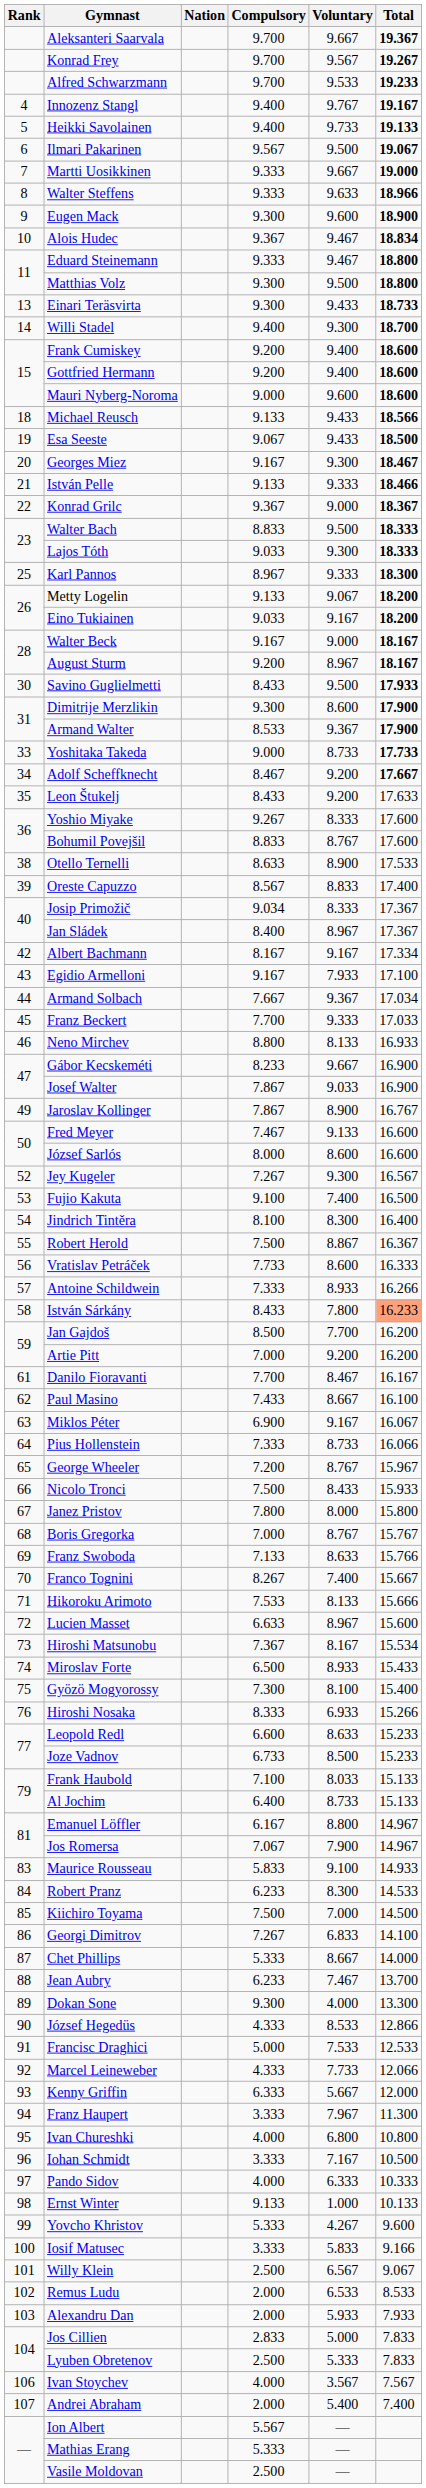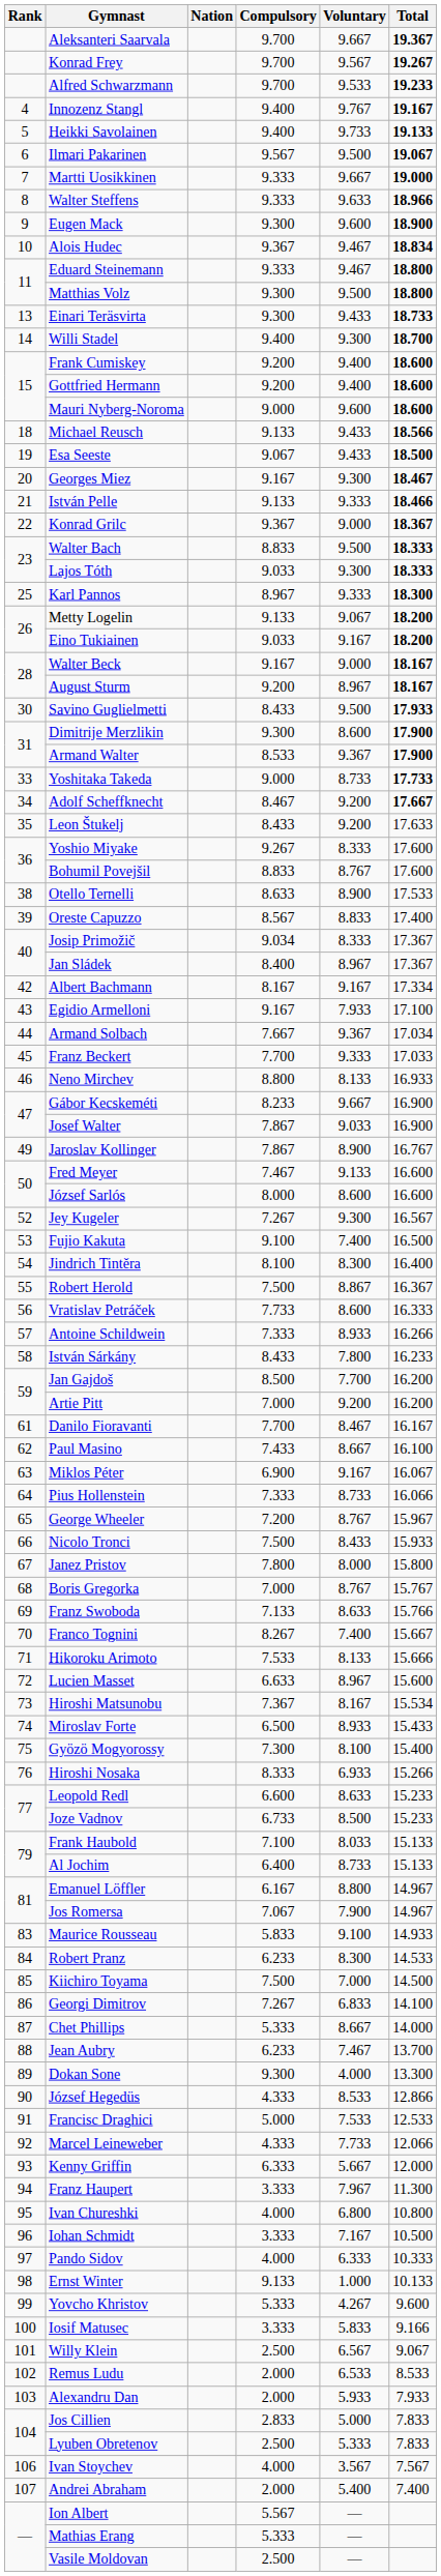 <table class="wikitable sortable" style="text-align:center">
 <tr>
 <th>Rank</th>
 <th>Gymnast</th>
 <th>Nation</th>
 <th>Compulsory</th>
 <th>Voluntary</th>
 <th>Total</th>
 </tr>
 <tr>
 <td></td>
 <td align=left><a href='#'>Aleksanteri Saarvala</a></td>
 <td align=left></td>
 <td>9.700</td>
 <td>9.667</td>
 <td><strong>19.367</strong></td>
 </tr>
 <tr>
 <td></td>
 <td align=left><a href='#'>Konrad Frey</a></td>
 <td align=left></td>
 <td>9.700</td>
 <td>9.567</td>
 <td><strong>19.267</strong></td>
 </tr>
 <tr>
 <td></td>
 <td align=left><a href='#'>Alfred Schwarzmann</a></td>
 <td align=left></td>
 <td>9.700</td>
 <td>9.533</td>
 <td><strong>19.233</strong></td>
 </tr>
 <tr>
 <td>4</td>
 <td align=left><a href='#'>Innozenz Stangl</a></td>
 <td align=left></td>
 <td>9.400</td>
 <td>9.767</td>
 <td><strong>19.167</strong></td>
 </tr>
 <tr>
 <td>5</td>
 <td align=left><a href='#'>Heikki Savolainen</a></td>
 <td align=left></td>
 <td>9.400</td>
 <td>9.733</td>
 <td><strong>19.133</strong></td>
 </tr>
 <tr>
 <td>6</td>
 <td align=left><a href='#'>Ilmari Pakarinen</a></td>
 <td align=left></td>
 <td>9.567</td>
 <td>9.500</td>
 <td><strong>19.067</strong></td>
 </tr>
 <tr>
 <td>7</td>
 <td align=left><a href='#'>Martti Uosikkinen</a></td>
 <td align=left></td>
 <td>9.333</td>
 <td>9.667</td>
 <td><strong>19.000</strong></td>
 </tr>
 <tr>
 <td>8</td>
 <td align=left><a href='#'>Walter Steffens</a></td>
 <td align=left></td>
 <td>9.333</td>
 <td>9.633</td>
 <td><strong>18.966</strong></td>
 </tr>
 <tr>
 <td>9</td>
 <td align=left><a href='#'>Eugen Mack</a></td>
 <td align=left></td>
 <td>9.300</td>
 <td>9.600</td>
 <td><strong>18.900</strong></td>
 </tr>
 <tr>
 <td>10</td>
 <td align=left><a href='#'>Alois Hudec</a></td>
 <td align=left></td>
 <td>9.367</td>
 <td>9.467</td>
 <td><strong>18.834</strong></td>
 </tr>
 <tr>
 <td rowspan=2>11</td>
 <td align=left><a href='#'>Eduard Steinemann</a></td>
 <td align=left></td>
 <td>9.333</td>
 <td>9.467</td>
 <td><strong>18.800</strong></td>
 </tr>
 <tr>
 <td align=left><a href='#'>Matthias Volz</a></td>
 <td align=left></td>
 <td>9.300</td>
 <td>9.500</td>
 <td><strong>18.800</strong></td>
 </tr>
 <tr>
 <td>13</td>
 <td align=left><a href='#'>Einari Teräsvirta</a></td>
 <td align=left></td>
 <td>9.300</td>
 <td>9.433</td>
 <td><strong>18.733</strong></td>
 </tr>
 <tr>
 <td>14</td>
 <td align=left><a href='#'>Willi Stadel</a></td>
 <td align=left></td>
 <td>9.400</td>
 <td>9.300</td>
 <td><strong>18.700</strong></td>
 </tr>
 <tr>
 <td rowspan=3>15</td>
 <td align=left><a href='#'>Frank Cumiskey</a></td>
 <td align=left></td>
 <td>9.200</td>
 <td>9.400</td>
 <td><strong>18.600</strong></td>
 </tr>
 <tr>
 <td align=left><a href='#'>Gottfried Hermann</a></td>
 <td align=left></td>
 <td>9.200</td>
 <td>9.400</td>
 <td><strong>18.600</strong></td>
 </tr>
 <tr>
 <td align=left><a href='#'>Mauri Nyberg-Noroma</a></td>
 <td align=left></td>
 <td>9.000</td>
 <td>9.600</td>
 <td><strong>18.600</strong></td>
 </tr>
 <tr>
 <td>18</td>
 <td align=left><a href='#'>Michael Reusch</a></td>
 <td align=left></td>
 <td>9.133</td>
 <td>9.433</td>
 <td><strong>18.566</strong></td>
 </tr>
 <tr>
 <td>19</td>
 <td align=left><a href='#'>Esa Seeste</a></td>
 <td align=left></td>
 <td>9.067</td>
 <td>9.433</td>
 <td><strong>18.500</strong></td>
 </tr>
 <tr>
 <td>20</td>
 <td align=left><a href='#'>Georges Miez</a></td>
 <td align=left></td>
 <td>9.167</td>
 <td>9.300</td>
 <td><strong>18.467</strong></td>
 </tr>
 <tr>
 <td>21</td>
 <td align=left><a href='#'>István Pelle</a></td>
 <td align=left></td>
 <td>9.133</td>
 <td>9.333</td>
 <td><strong>18.466</strong></td>
 </tr>
 <tr>
 <td>22</td>
 <td align=left><a href='#'>Konrad Grilc</a></td>
 <td align=left></td>
 <td>9.367</td>
 <td>9.000</td>
 <td><strong>18.367</strong></td>
 </tr>
 <tr>
 <td rowspan=2>23</td>
 <td align=left><a href='#'>Walter Bach</a></td>
 <td align=left></td>
 <td>8.833</td>
 <td>9.500</td>
 <td><strong>18.333</strong></td>
 </tr>
 <tr>
 <td align=left><a href='#'>Lajos Tóth</a></td>
 <td align=left></td>
 <td>9.033</td>
 <td>9.300</td>
 <td><strong>18.333</strong></td>
 </tr>
 <tr>
 <td>25</td>
 <td align=left><a href='#'>Karl Pannos</a></td>
 <td align=left></td>
 <td>8.967</td>
 <td>9.333</td>
 <td><strong>18.300</strong></td>
 </tr>
 <tr>
 <td rowspan=2>26</td>
 <td align=left>Metty Logelin</td>
 <td align=left></td>
 <td>9.133</td>
 <td>9.067</td>
 <td><strong>18.200</strong></td>
 </tr>
 <tr>
 <td align=left><a href='#'>Eino Tukiainen</a></td>
 <td align=left></td>
 <td>9.033</td>
 <td>9.167</td>
 <td><strong>18.200</strong></td>
 </tr>
 <tr>
 <td rowspan=2>28</td>
 <td align=left><a href='#'>Walter Beck</a></td>
 <td align=left></td>
 <td>9.167</td>
 <td>9.000</td>
 <td><strong>18.167</strong></td>
 </tr>
 <tr>
 <td align=left><a href='#'>August Sturm</a></td>
 <td align=left></td>
 <td>9.200</td>
 <td>8.967</td>
 <td><strong>18.167</strong></td>
 </tr>
 <tr>
 <td>30</td>
 <td align=left><a href='#'>Savino Guglielmetti</a></td>
 <td align=left></td>
 <td>8.433</td>
 <td>9.500</td>
 <td><strong>17.933</strong></td>
 </tr>
 <tr>
 <td rowspan=2>31</td>
 <td align=left><a href='#'>Dimitrije Merzlikin</a></td>
 <td align=left></td>
 <td>9.300</td>
 <td>8.600</td>
 <td><strong>17.900</strong></td>
 </tr>
 <tr>
 <td align=left><a href='#'>Armand Walter</a></td>
 <td align=left></td>
 <td>8.533</td>
 <td>9.367</td>
 <td><strong>17.900</strong></td>
 </tr>
 <tr>
 <td>33</td>
 <td align=left><a href='#'>Yoshitaka Takeda</a></td>
 <td align=left></td>
 <td>9.000</td>
 <td>8.733</td>
 <td><strong>17.733</strong></td>
 </tr>
 <tr>
 <td>34</td>
 <td align=left><a href='#'>Adolf Scheffknecht</a></td>
 <td align=left></td>
 <td>8.467</td>
 <td>9.200</td>
 <td><strong>17.667<em></td>
 </tr>
 <tr>
 <td>35</td>
 <td align=left><a href='#'>Leon Štukelj</a></td>
 <td align=left></td>
 <td>8.433</td>
 <td>9.200</td>
 <td></strong>17.633<strong></td>
 </tr>
 <tr>
 <td rowspan=2>36</td>
 <td align=left><a href='#'>Yoshio Miyake</a></td>
 <td align=left></td>
 <td>9.267</td>
 <td>8.333</td>
 <td></strong>17.600<strong></td>
 </tr>
 <tr>
 <td align=left><a href='#'>Bohumil Povejšil</a></td>
 <td align=left></td>
 <td>8.833</td>
 <td>8.767</td>
 <td></strong>17.600<strong></td>
 </tr>
 <tr>
 <td>38</td>
 <td align=left><a href='#'>Otello Ternelli</a></td>
 <td align=left></td>
 <td>8.633</td>
 <td>8.900</td>
 <td></strong>17.533<strong></td>
 </tr>
 <tr>
 <td>39</td>
 <td align=left><a href='#'>Oreste Capuzzo</a></td>
 <td align=left></td>
 <td>8.567</td>
 <td>8.833</td>
 <td></strong>17.400<strong></td>
 </tr>
 <tr>
 <td rowspan=2>40</td>
 <td align=left><a href='#'>Josip Primožič</a></td>
 <td align=left></td>
 <td>9.034</td>
 <td>8.333</td>
 <td></strong>17.367<strong></td>
 </tr>
 <tr>
 <td align=left><a href='#'>Jan Sládek</a></td>
 <td align=left></td>
 <td>8.400</td>
 <td>8.967</td>
 <td></strong>17.367<strong></td>
 </tr>
 <tr>
 <td>42</td>
 <td align=left><a href='#'>Albert Bachmann</a></td>
 <td align=left></td>
 <td>8.167</td>
 <td>9.167</td>
 <td></strong>17.334<strong></td>
 </tr>
 <tr>
 <td>43</td>
 <td align=left><a href='#'>Egidio Armelloni</a></td>
 <td align=left></td>
 <td>9.167</td>
 <td>7.933</td>
 <td></strong>17.100<strong></td>
 </tr>
 <tr>
 <td>44</td>
 <td align=left><a href='#'>Armand Solbach</a></td>
 <td align=left></td>
 <td>7.667</td>
 <td>9.367</td>
 <td></strong>17.034<strong></td>
 </tr>
 <tr>
 <td>45</td>
 <td align=left><a href='#'>Franz Beckert</a></td>
 <td align=left></td>
 <td>7.700</td>
 <td>9.333</td>
 <td></strong>17.033<strong></td>
 </tr>
 <tr>
 <td>46</td>
 <td align=left><a href='#'>Neno Mirchev</a></td>
 <td align=left></td>
 <td>8.800</td>
 <td>8.133</td>
 <td></strong>16.933<strong></td>
 </tr>
 <tr>
 <td rowspan=2>47</td>
 <td align=left><a href='#'>Gábor Kecskeméti</a></td>
 <td align=left></td>
 <td>8.233</td>
 <td>9.667</td>
 <td></strong>16.900<strong></td>
 </tr>
 <tr>
 <td align=left><a href='#'>Josef Walter</a></td>
 <td align=left></td>
 <td>7.867</td>
 <td>9.033</td>
 <td></strong>16.900<strong></td>
 </tr>
 <tr>
 <td>49</td>
 <td align=left><a href='#'>Jaroslav Kollinger</a></td>
 <td align=left></td>
 <td>7.867</td>
 <td>8.900</td>
 <td></strong>16.767<strong></td>
 </tr>
 <tr>
 <td rowspan=2>50</td>
 <td align=left><a href='#'>Fred Meyer</a></td>
 <td align=left></td>
 <td>7.467</td>
 <td>9.133</td>
 <td></strong>16.600<strong></td>
 </tr>
 <tr>
 <td align=left><a href='#'>József Sarlós</a></td>
 <td align=left></td>
 <td>8.000</td>
 <td>8.600</td>
 <td></strong>16.600<strong></td>
 </tr>
 <tr>
 <td>52</td>
 <td align=left><a href='#'>Jey Kugeler</a></td>
 <td align=left></td>
 <td>7.267</td>
 <td>9.300</td>
 <td></strong>16.567<strong></td>
 </tr>
 <tr>
 <td>53</td>
 <td align=left><a href='#'>Fujio Kakuta</a></td>
 <td align=left></td>
 <td>9.100</td>
 <td>7.400</td>
 <td></strong>16.500<strong></td>
 </tr>
 <tr>
 <td>54</td>
 <td align=left><a href='#'>Jindrich Tintěra</a></td>
 <td align=left></td>
 <td>8.100</td>
 <td>8.300</td>
 <td></strong>16.400<strong></td>
 </tr>
 <tr>
 <td>55</td>
 <td align=left><a href='#'>Robert Herold</a></td>
 <td align=left></td>
 <td>7.500</td>
 <td>8.867</td>
 <td></strong>16.367<strong></td>
 </tr>
 <tr>
 <td>56</td>
 <td align=left><a href='#'>Vratislav Petráček</a></td>
 <td align=left></td>
 <td>7.733</td>
 <td>8.600</td>
 <td></strong>16.333<strong></td>
 </tr>
 <tr>
 <td>57</td>
 <td align=left><a href='#'>Antoine Schildwein</a></td>
 <td align=left></td>
 <td>7.333</td>
 <td>8.933</td>
 <td></strong>16.266<strong></td>
 </tr>
 <tr>
 <td>58</td>
 <td align=left><a href='#'>István Sárkány</a></td>
 <td align=left></td>
 <td>8.433</td>
 <td>7.800</td>
-<td style="background: lightsalmon;"></strong>16.233<strong></td>
+<td></strong>16.233<strong></td>
 </tr>
 <tr>
 <td rowspan=2>59</td>
 <td align=left><a href='#'>Jan Gajdoš</a></td>
 <td align=left></td>
 <td>8.500</td>
 <td>7.700</td>
 <td></strong>16.200<strong></td>
 </tr>
 <tr>
 <td align=left><a href='#'>Artie Pitt</a></td>
 <td align=left></td>
 <td>7.000</td>
 <td>9.200</td>
 <td></strong>16.200<strong></td>
 </tr>
 <tr>
 <td>61</td>
 <td align=left><a href='#'>Danilo Fioravanti</a></td>
 <td align=left></td>
 <td>7.700</td>
 <td>8.467</td>
 <td></strong>16.167<strong></td>
 </tr>
 <tr>
 <td>62</td>
 <td align=left><a href='#'>Paul Masino</a></td>
 <td align=left></td>
 <td>7.433</td>
 <td>8.667</td>
 <td></strong>16.100<strong></td>
 </tr>
 <tr>
 <td>63</td>
 <td align=left><a href='#'>Miklos Péter</a></td>
 <td align=left></td>
 <td>6.900</td>
 <td>9.167</td>
 <td></strong>16.067<strong></td>
 </tr>
 <tr>
 <td>64</td>
 <td align=left><a href='#'>Pius Hollenstein</a></td>
 <td align=left></td>
 <td>7.333</td>
 <td>8.733</td>
 <td></strong>16.066<strong></td>
 </tr>
 <tr>
 <td>65</td>
 <td align=left><a href='#'>George Wheeler</a></td>
 <td align=left></td>
 <td>7.200</td>
 <td>8.767</td>
 <td></strong>15.967<strong></td>
 </tr>
 <tr>
 <td>66</td>
 <td align=left><a href='#'>Nicolo Tronci</a></td>
 <td align=left></td>
 <td>7.500</td>
 <td>8.433</td>
 <td></strong>15.933<strong></td>
 </tr>
 <tr>
 <td>67</td>
 <td align=left><a href='#'>Janez Pristov</a></td>
 <td align=left></td>
 <td>7.800</td>
 <td>8.000</td>
 <td></strong>15.800<strong></td>
 </tr>
 <tr>
 <td>68</td>
 <td align=left><a href='#'>Boris Gregorka</a></td>
 <td align=left></td>
 <td>7.000</td>
 <td>8.767</td>
 <td></strong>15.767<strong></td>
 </tr>
 <tr>
 <td>69</td>
 <td align=left><a href='#'>Franz Swoboda</a></td>
 <td align=left></td>
 <td>7.133</td>
 <td>8.633</td>
 <td></strong>15.766<strong></td>
 </tr>
 <tr>
 <td>70</td>
 <td align=left><a href='#'>Franco Tognini</a></td>
 <td align=left></td>
 <td>8.267</td>
 <td>7.400</td>
 <td></strong>15.667<strong></td>
 </tr>
 <tr>
 <td>71</td>
 <td align=left><a href='#'>Hikoroku Arimoto</a></td>
 <td align=left></td>
 <td>7.533</td>
 <td>8.133</td>
 <td></strong>15.666<strong></td>
 </tr>
 <tr>
 <td>72</td>
 <td align=left><a href='#'>Lucien Masset</a></td>
 <td align=left></td>
 <td>6.633</td>
 <td>8.967</td>
 <td></strong>15.600<strong></td>
 </tr>
 <tr>
 <td>73</td>
 <td align=left><a href='#'>Hiroshi Matsunobu</a></td>
 <td align=left></td>
 <td>7.367</td>
 <td>8.167</td>
 <td></strong>15.534<strong></td>
 </tr>
 <tr>
 <td>74</td>
 <td align=left><a href='#'>Miroslav Forte</a></td>
 <td align=left></td>
 <td>6.500</td>
 <td>8.933</td>
 <td></strong>15.433<strong></td>
 </tr>
 <tr>
 <td>75</td>
 <td align=left><a href='#'>Gyözö Mogyorossy</a></td>
 <td align=left></td>
 <td>7.300</td>
 <td>8.100</td>
 <td></strong>15.400<strong></td>
 </tr>
 <tr>
 <td>76</td>
 <td align=left><a href='#'>Hiroshi Nosaka</a></td>
 <td align=left></td>
 <td>8.333</td>
 <td>6.933</td>
 <td></strong>15.266<strong></td>
 </tr>
 <tr>
 <td rowspan=2>77</td>
 <td align=left><a href='#'>Leopold Redl</a></td>
 <td align=left></td>
 <td>6.600</td>
 <td>8.633</td>
 <td></strong>15.233<strong></td>
 </tr>
 <tr>
 <td align=left><a href='#'>Joze Vadnov</a></td>
 <td align=left></td>
 <td>6.733</td>
 <td>8.500</td>
 <td></strong>15.233<strong></td>
 </tr>
 <tr>
 <td rowspan=2>79</td>
 <td align=left><a href='#'>Frank Haubold</a></td>
 <td align=left></td>
 <td>7.100</td>
 <td>8.033</td>
 <td></strong>15.133<strong></td>
 </tr>
 <tr>
 <td align=left><a href='#'>Al Jochim</a></td>
 <td align=left></td>
 <td>6.400</td>
 <td>8.733</td>
 <td></strong>15.133<strong></td>
 </tr>
 <tr>
 <td rowspan=2>81</td>
 <td align=left><a href='#'>Emanuel Löffler</a></td>
 <td align=left></td>
 <td>6.167</td>
 <td>8.800</td>
 <td></strong>14.967<strong></td>
 </tr>
 <tr>
 <td align=left><a href='#'>Jos Romersa</a></td>
 <td align=left></td>
 <td>7.067</td>
 <td>7.900</td>
 <td></strong>14.967<strong></td>
 </tr>
 <tr>
 <td>83</td>
 <td align=left><a href='#'>Maurice Rousseau</a></td>
 <td align=left></td>
 <td>5.833</td>
 <td>9.100</td>
 <td></strong>14.933<strong></td>
 </tr>
 <tr>
 <td>84</td>
 <td align=left><a href='#'>Robert Pranz</a></td>
 <td align=left></td>
 <td>6.233</td>
 <td>8.300</td>
 <td></strong>14.533<strong></td>
 </tr>
 <tr>
 <td>85</td>
 <td align=left><a href='#'>Kiichiro Toyama</a></td>
 <td align=left></td>
 <td>7.500</td>
 <td>7.000</td>
 <td></strong>14.500<strong></td>
 </tr>
 <tr>
 <td>86</td>
 <td align=left><a href='#'>Georgi Dimitrov</a></td>
 <td align=left></td>
 <td>7.267</td>
 <td>6.833</td>
 <td></strong>14.100<strong></td>
 </tr>
 <tr>
 <td>87</td>
 <td align=left><a href='#'>Chet Phillips</a></td>
 <td align=left></td>
 <td>5.333</td>
 <td>8.667</td>
 <td></strong>14.000<strong></td>
 </tr>
 <tr>
 <td>88</td>
 <td align=left><a href='#'>Jean Aubry</a></td>
 <td align=left></td>
 <td>6.233</td>
 <td>7.467</td>
 <td></strong>13.700<strong></td>
 </tr>
 <tr>
 <td>89</td>
 <td align=left><a href='#'>Dokan Sone</a></td>
 <td align=left></td>
 <td>9.300</td>
 <td>4.000</td>
 <td></strong>13.300<strong></td>
 </tr>
 <tr>
 <td>90</td>
 <td align=left><a href='#'>József Hegedüs</a></td>
 <td align=left></td>
 <td>4.333</td>
 <td>8.533</td>
 <td></strong>12.866<strong></td>
 </tr>
 <tr>
 <td>91</td>
 <td align=left><a href='#'>Francisc Draghici</a></td>
 <td align=left></td>
 <td>5.000</td>
 <td>7.533</td>
 <td></strong>12.533<strong></td>
 </tr>
 <tr>
 <td>92</td>
 <td align=left><a href='#'>Marcel Leineweber</a></td>
 <td align=left></td>
 <td>4.333</td>
 <td>7.733</td>
 <td></strong>12.066<strong></td>
 </tr>
 <tr>
 <td>93</td>
 <td align=left><a href='#'>Kenny Griffin</a></td>
 <td align=left></td>
 <td>6.333</td>
 <td>5.667</td>
 <td></strong>12.000<strong></td>
 </tr>
 <tr>
 <td>94</td>
 <td align=left><a href='#'>Franz Haupert</a></td>
 <td align=left></td>
 <td>3.333</td>
 <td>7.967</td>
 <td></strong>11.300<strong></td>
 </tr>
 <tr>
 <td>95</td>
 <td align=left><a href='#'>Ivan Chureshki</a></td>
 <td align=left></td>
 <td>4.000</td>
 <td>6.800</td>
 <td></strong>10.800<strong></td>
 </tr>
 <tr>
 <td>96</td>
 <td align=left><a href='#'>Iohan Schmidt</a></td>
 <td align=left></td>
 <td>3.333</td>
 <td>7.167</td>
 <td></strong>10.500<strong></td>
 </tr>
 <tr>
 <td>97</td>
 <td align=left><a href='#'>Pando Sidov</a></td>
 <td align=left></td>
 <td>4.000</td>
 <td>6.333</td>
 <td></strong>10.333<strong></td>
 </tr>
 <tr>
 <td>98</td>
 <td align=left><a href='#'>Ernst Winter</a></td>
 <td align=left></td>
 <td>9.133</td>
 <td>1.000</td>
 <td></strong>10.133<strong></td>
 </tr>
 <tr>
 <td>99</td>
 <td align=left><a href='#'>Yovcho Khristov</a></td>
 <td align=left></td>
 <td>5.333</td>
 <td>4.267</td>
 <td></strong>9.600<strong></td>
 </tr>
 <tr>
 <td>100</td>
 <td align=left><a href='#'>Iosif Matusec</a></td>
 <td align=left></td>
 <td>3.333</td>
 <td>5.833</td>
 <td></strong>9.166<strong></td>
 </tr>
 <tr>
 <td>101</td>
 <td align=left><a href='#'>Willy Klein</a></td>
 <td align=left></td>
 <td>2.500</td>
 <td>6.567</td>
 <td></strong>9.067<strong></td>
 </tr>
 <tr>
 <td>102</td>
 <td align=left><a href='#'>Remus Ludu</a></td>
 <td align=left></td>
 <td>2.000</td>
 <td>6.533</td>
 <td></strong>8.533<strong></td>
 </tr>
 <tr>
 <td>103</td>
 <td align=left><a href='#'>Alexandru Dan</a></td>
 <td align=left></td>
 <td>2.000</td>
 <td>5.933</td>
 <td></strong>7.933<strong></td>
 </tr>
 <tr>
 <td rowspan=2>104</td>
 <td align=left><a href='#'>Jos Cillien</a></td>
 <td align=left></td>
 <td>2.833</td>
 <td>5.000</td>
 <td></strong>7.833<strong></td>
 </tr>
 <tr>
 <td align=left><a href='#'>Lyuben Obretenov</a></td>
 <td align=left></td>
 <td>2.500</td>
 <td>5.333</td>
 <td></strong>7.833<strong></td>
 </tr>
 <tr>
 <td>106</td>
 <td align=left><a href='#'>Ivan Stoychev</a></td>
 <td align=left></td>
 <td>4.000</td>
 <td>3.567</td>
 <td></strong>7.567<strong></td>
 </tr>
 <tr>
 <td>107</td>
 <td align=left><a href='#'>Andrei Abraham</a></td>
 <td align=left></td>
 <td>2.000</td>
 <td>5.400</td>
 <td></strong>7.400<strong></td>
 </tr>
 <tr>
 <td rowspan=3 data-sort-value=108>—</td>
 <td align=left><a href='#'>Ion Albert</a></td>
 <td align=left></td>
 <td>5.567</td>
 <td data-sort-value=0.000>—</td>
 <td></td>
 </tr>
 <tr>
 <td align=left><a href='#'>Mathias Erang</a></td>
 <td align=left></td>
 <td>5.333</td>
 <td data-sort-value=0.000>—</td>
 <td></td>
 </tr>
 <tr>
 <td align=left><a href='#'>Vasile Moldovan</a></td>
 <td align=left></td>
 <td>2.500</td>
 <td data-sort-value=0.000>—</td>
 <td></td>
 </tr>
 </table>
